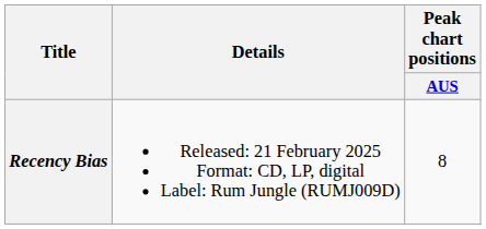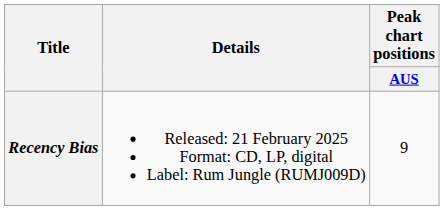 <table class="wikitable plainrowheaders" style="text-align:center;" border="1">
 <tr>
 <th scope="col" rowspan="2">Title</th>
 <th scope="col" rowspan="2">Details</th>
 <th scope="col" colspan="1">Peak chart positions</th>
 </tr>
 <tr>
 <th scope="col" style="width:3em; font-size:90%"><a href='#'>AUS</a><br></th>
 </tr>
 <tr>
 <th scope="row"><em>Recency Bias</em></th>
 <td><br><ul><li>Released: 21 February 2025</li><li>Format: CD, LP, digital</li><li>Label: Rum Jungle (RUMJ009D)</li></ul></td>
-<td>8</td>
+<td>9</td>
 </tr>
 </table>
